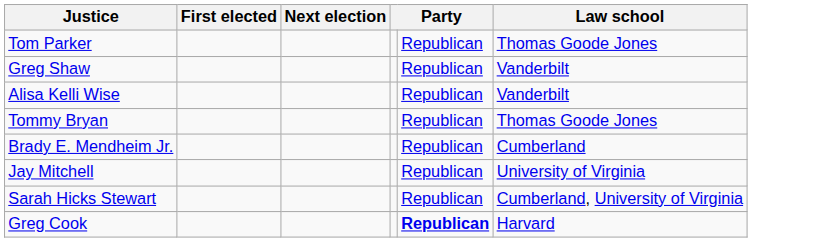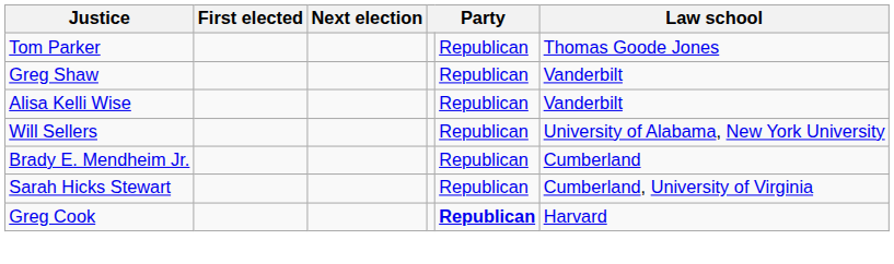 <table class="wikitable sortable">
 <tr>
 <th>Justice</th>
 <th>First elected</th>
 <th>Next election</th>
 <th colspan=2>Party</th>
 <th>Law school</th>
 </tr>
 <tr>
 <td><a href='#'>Tom Parker</a></td>
 <td></td>
 <td></td>
 <td style="background:"></td>
 <td><a href='#'>Republican</a></td>
 <td><a href='#'>Thomas Goode Jones</a></td>
 </tr>
 <tr>
 <td><a href='#'>Greg Shaw</a></td>
 <td></td>
 <td></td>
 <td style="background:"></td>
 <td><a href='#'>Republican</a></td>
 <td><a href='#'>Vanderbilt</a></td>
 </tr>
 <tr>
 <td><a href='#'>Alisa Kelli Wise</a></td>
 <td></td>
 <td></td>
 <td style="background:"></td>
 <td><a href='#'>Republican</a></td>
 <td><a href='#'>Vanderbilt</a></td>
 </tr>
 <tr>
-<td><a href='#'>Tommy Bryan</a></td>
+<td><a href='#'>Will Sellers</a></td>
 <td></td>
 <td></td>
 <td style="background:"></td>
 <td><a href='#'>Republican</a></td>
-<td><a href='#'>Thomas Goode Jones</a></td>
+<td><a href='#'>University of Alabama</a>, <a href='#'>New York University</a></td>
 </tr>
 <tr>
 <td><a href='#'>Brady E. Mendheim Jr.</a></td>
 <td></td>
 <td></td>
 <td style="background:"></td>
 <td><a href='#'>Republican</a></td>
 <td><a href='#'>Cumberland</a></td>
-</tr>
-<tr>
-<td><a href='#'>Jay Mitchell</a></td>
-<td></td>
-<td></td>
-<td style="background:"></td>
-<td><a href='#'>Republican</a></td>
-<td><a href='#'>University of Virginia</a></td>
 </tr>
 <tr>
 <td><a href='#'>Sarah Hicks Stewart</a></td>
 <td></td>
 <td></td>
 <td style="background:"></td>
 <td><a href='#'>Republican</a></td>
 <td><a href='#'>Cumberland</a>, <a href='#'>University of Virginia</a></td>
 </tr>
 <tr>
 <td><a href='#'>Greg Cook</a></td>
 <td></td>
 <td></td>
 <td style="background:"></td>
 <td><strong><a href='#'>Republican</a></strong></td>
 <td><a href='#'>Harvard</a></td>
 </tr>
 </table>
